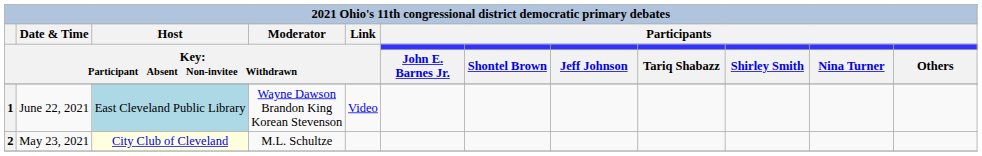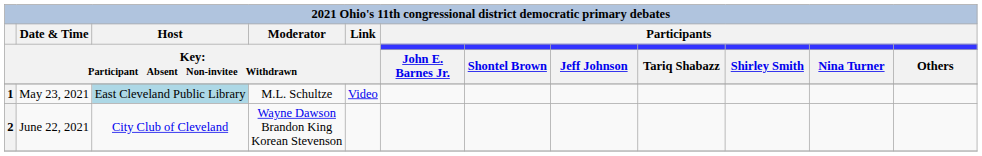 <table class="wikitable">
 <tr>
 <th style="background:#B0C4DE" colspan="16">2021 Ohio's 11th congressional district democratic primary debates</th>
 </tr>
 <tr>
 <th style="white-space:nowrap;"> </th>
 <th>Date & Time</th>
 <th>Host</th>
 <th>Moderator</th>
 <th>Link</th>
 <th scope="col" colspan="10">Participants</th>
 </tr>
 <tr>
 <th colspan="5" rowspan="2">Key:<br> <small>Participant  </small>  <small>Absent  </small>  <small>Non-invitee  </small>  <small>Withdrawn</small></th>
 <th scope="col" style="width:10em; background: #3333FF;"></th>
 <th scope="col" style="width:10em; background: #3333FF;"></th>
 <th scope="col" style="width:10em; background: #3333FF;"></th>
 <th scope="col" style="width:10em; background: #3333FF;"></th>
 <th scope="col" style="width:10em; background: #3333FF;"></th>
 <th scope="col" style="width:10em; background: #3333FF;"></th>
 <th scope="col" style="width:10em; background: #3333FF;"></th>
 </tr>
 <tr>
 <th><a href='#'>John E. Barnes Jr.</a></th>
 <th><a href='#'>Shontel Brown</a></th>
 <th><a href='#'>Jeff Johnson</a></th>
 <th>Tariq Shabazz</th>
 <th><a href='#'>Shirley Smith</a></th>
 <th><a href='#'>Nina Turner</a></th>
 <th>Others</th>
 </tr>
 <tr>
 </tr>
 <tr>
 <th> 1</th>
-<td style="white-space:nowrap;text-align:center;">June 22, 2021</td>
+<td style="white-space:nowrap;text-align:center;">May 23, 2021</td>
 <td style="background: lightblue; white-space:nowrap;text-align:center;">East Cleveland Public Library</td>
-<td style="white-space:nowrap;text-align:center;"><a href='#'>Wayne Dawson</a><br>Brandon King<br>Korean Stevenson</td>
+<td style="white-space:nowrap;text-align:center;">M.L. Schultze</td>
 <td style="white-space:nowrap;text-align:center;"><a href='#'>Video</a></td>
 <td></td>
 <td></td>
 <td></td>
 <td></td>
 <td></td>
 <td></td>
 <td></td>
 </tr>
 <tr>
 <th> 2</th>
-<td style="white-space:nowrap;text-align:center;">May 23, 2021</td>
-<td style="background: lightyellow; white-space:nowrap;text-align:center;"><a href='#'>City Club of Cleveland</a></td>
-<td style="white-space:nowrap;text-align:center;">M.L. Schultze</td>
+<td style="white-space:nowrap;text-align:center;">June 22, 2021</td>
+<td style="white-space:nowrap;text-align:center;"><a href='#'>City Club of Cleveland</a></td>
+<td style="white-space:nowrap;text-align:center;"><a href='#'>Wayne Dawson</a><br>Brandon King<br>Korean Stevenson</td>
 <td style="white-space:nowrap;text-align:center;"></td>
 <td></td>
 <td></td>
 <td></td>
 <td></td>
 <td></td>
 <td></td>
 <td></td>
 </tr>
 <tr>
 </tr>
 </table>
